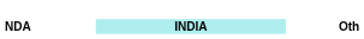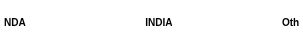 <table style="width:100%; text-align:center;">
 <tr style="color:white;">
 <td style="background:"><strong>30</strong></td>
 <td style="background:"><strong>9</strong></td>
 <td style="background:"><span><strong>1</strong></span></td>
 </tr>
 <tr>
 <td><span><strong>NDA</strong></span></td>
-<td style="background: paleturquoise;"><span><strong>INDIA</strong></span></td>
+<td><span><strong>INDIA</strong></span></td>
 <td><span><strong>Oth</strong></span></td>
 </tr>
 </table>
